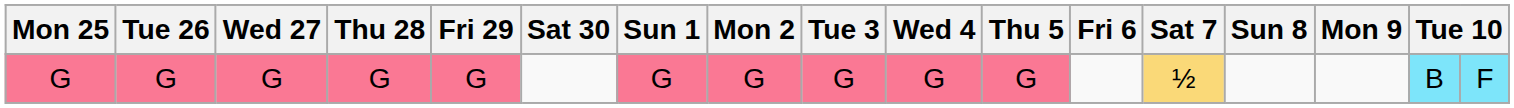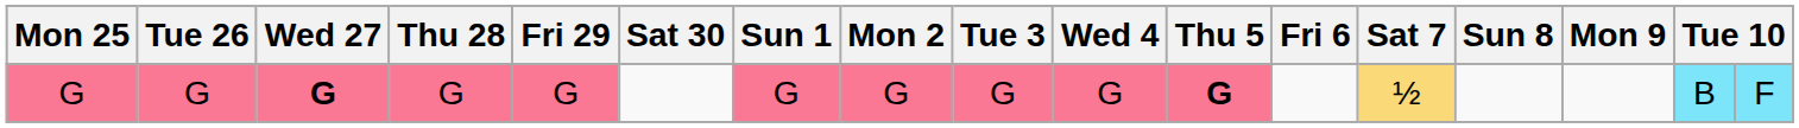 <table class="wikitable" style="margin:0.5em auto; font-size:90%; line-height:1.25em; text-align:center">
 <tr>
 <th>Mon 25</th>
 <th>Tue 26</th>
 <th>Wed 27</th>
 <th>Thu 28</th>
 <th>Fri 29</th>
 <th>Sat 30</th>
 <th>Sun 1</th>
 <th>Mon 2</th>
 <th>Tue 3</th>
 <th>Wed 4</th>
 <th>Thu 5</th>
 <th>Fri 6</th>
 <th>Sat 7</th>
 <th>Sun 8</th>
 <th>Mon 9</th>
 <th colspan="2">Tue 10</th>
 </tr>
 <tr>
 <td bgcolor="#FA7894">G</td>
 <td bgcolor="#FA7894">G</td>
-<td bgcolor="#FA7894">G</td>
+<td bgcolor="#FA7894"><strong>G</strong></td>
 <td bgcolor="#FA7894">G</td>
 <td bgcolor="#FA7894">G</td>
 <td></td>
 <td bgcolor="#FA7894">G</td>
 <td bgcolor="#FA7894">G</td>
 <td bgcolor="#FA7894">G</td>
 <td bgcolor="#FA7894">G</td>
-<td bgcolor="#FA7894">G</td>
+<td bgcolor="#FA7894"><strong>G</strong></td>
 <td></td>
 <td bgcolor="#FAD978">½</td>
 <td></td>
 <td></td>
 <td bgcolor="#7DE5FA">B</td>
 <td bgcolor="#7DE5FA">F</td>
 </tr>
 </table>
